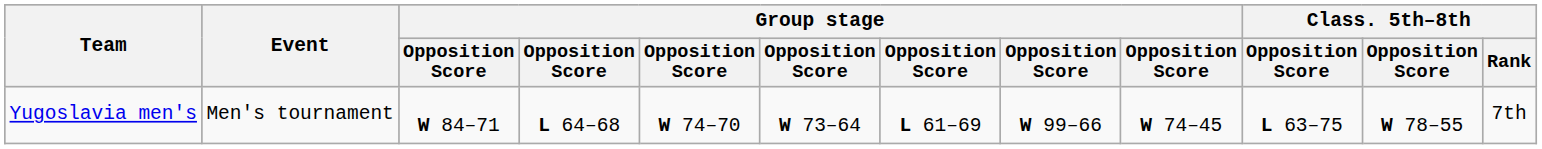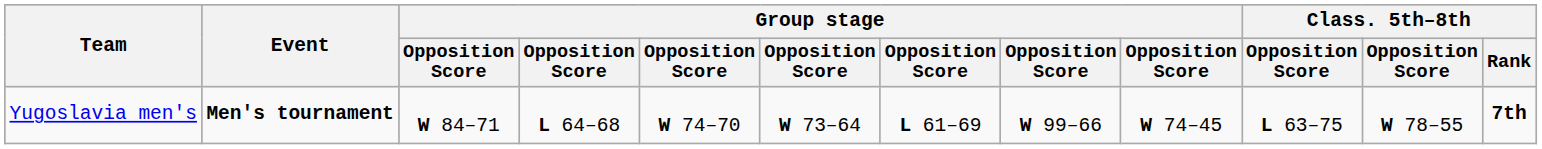 <table class=wikitable style=font-size:90%;text-align:center>
 <tr>
 <th rowspan=2>Team</th>
 <th rowspan=2>Event</th>
 <th colspan=7>Group stage</th>
 <th colspan=3>Class. 5th–8th</th>
 </tr>
 <tr style=font-size:95%>
 <th>Opposition<br>Score</th>
 <th>Opposition<br>Score</th>
 <th>Opposition<br>Score</th>
 <th>Opposition<br>Score</th>
 <th>Opposition<br>Score</th>
 <th>Opposition<br>Score</th>
 <th>Opposition<br>Score</th>
 <th>Opposition<br>Score</th>
 <th>Opposition<br>Score</th>
 <th>Rank</th>
 </tr>
 <tr>
 <td align=left><a href='#'>Yugoslavia men's</a></td>
-<td align=left>Men's tournament</td>
+<td align=left><strong>Men's tournament</strong></td>
 <td><br><strong>W</strong> 84–71</td>
 <td><br><strong>L</strong> 64–68</td>
 <td><br><strong>W</strong> 74–70</td>
 <td><br><strong>W</strong> 73–64</td>
 <td><br><strong>L</strong> 61–69</td>
 <td><br><strong>W</strong> 99–66</td>
 <td><br><strong>W</strong> 74–45</td>
 <td><br><strong>L</strong> 63–75</td>
 <td><br><strong>W</strong> 78–55</td>
-<td>7th</td>
+<td><strong>7th</strong></td>
 </tr>
 </table>
